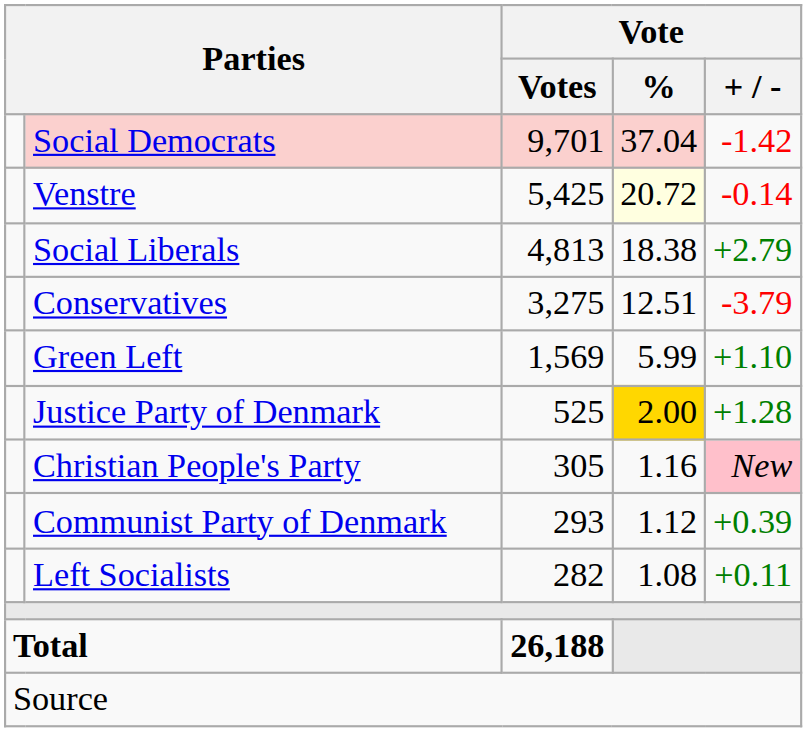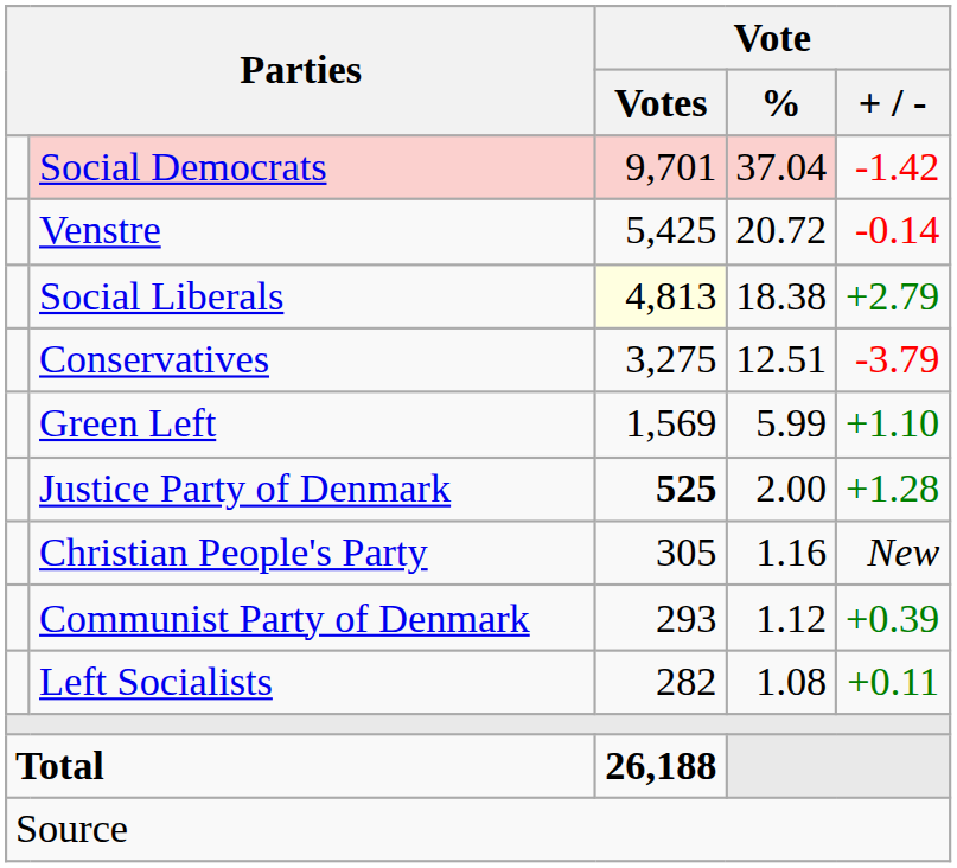 <table class="wikitable" style="text-align:right;">
 <tr>
 <th style="text-align:centre;" rowspan="2" colspan="2" width="225">Parties</th>
 <th colspan="3">Vote</th>
 </tr>
 <tr>
 <th width="15">Votes</th>
 <th width="15">%</th>
 <th width="15">+ / -</th>
 </tr>
 <tr>
 <td width="2" style="color:inherit;background:"></td>
 <td bgcolor=#fbd0ce  align="left"><a href='#'>Social Democrats</a></td>
 <td bgcolor=#fbd0ce>9,701</td>
 <td bgcolor=#fbd0ce>37.04</td>
 <td style=color:red;>-1.42</td>
 </tr>
 <tr>
 <td width="2" style="color:inherit;background:"></td>
 <td align="left"><a href='#'>Venstre</a></td>
 <td>5,425</td>
-<td style="background: lightyellow;">20.72</td>
+<td>20.72</td>
 <td style=color:red;>-0.14</td>
 </tr>
 <tr>
 <td width="2" style="color:inherit;background:"></td>
 <td align="left"><a href='#'>Social Liberals</a></td>
-<td>4,813</td>
+<td style="background: lightyellow;">4,813</td>
 <td>18.38</td>
 <td style=color:green;>+2.79</td>
 </tr>
 <tr>
 <td width="2" style="color:inherit;background:"></td>
 <td align="left"><a href='#'>Conservatives</a></td>
 <td>3,275</td>
 <td>12.51</td>
 <td style=color:red;>-3.79</td>
 </tr>
 <tr>
 <td width="2" style="color:inherit;background:"></td>
 <td align="left"><a href='#'>Green Left</a></td>
 <td>1,569</td>
 <td>5.99</td>
 <td style=color:green;>+1.10</td>
 </tr>
 <tr>
 <td width="2" style="color:inherit;background:"></td>
 <td align="left"><a href='#'>Justice Party of Denmark</a></td>
-<td>525</td>
-<td style="background: gold;">2.00</td>
+<td><strong>525</strong></td>
+<td>2.00</td>
 <td style=color:green;>+1.28</td>
 </tr>
 <tr>
 <td width="2" style="color:inherit;background:"></td>
 <td align="left"><a href='#'>Christian People's Party</a></td>
 <td>305</td>
 <td>1.16</td>
-<td style="background: pink;"><em>New</em></td>
+<td><em>New</em></td>
 </tr>
 <tr>
 <td width="2" style="color:inherit;background:"></td>
 <td align="left"><a href='#'>Communist Party of Denmark</a></td>
 <td>293</td>
 <td>1.12</td>
 <td style=color:green;>+0.39</td>
 </tr>
 <tr>
 <td width="2" style="color:inherit;background:"></td>
 <td align="left"><a href='#'>Left Socialists</a></td>
 <td>282</td>
 <td>1.08</td>
 <td style=color:green;>+0.11</td>
 </tr>
 <tr>
 <td colspan="7" bgcolor="#E9E9E9"></td>
 </tr>
 <tr>
 <td align="left" colspan="2"><strong>Total</strong></td>
 <td><strong>26,188</strong></td>
 <td bgcolor="#E9E9E9" colspan="2"></td>
 </tr>
 <tr>
 <td align="left" colspan="6">Source</td>
 </tr>
 </table>
